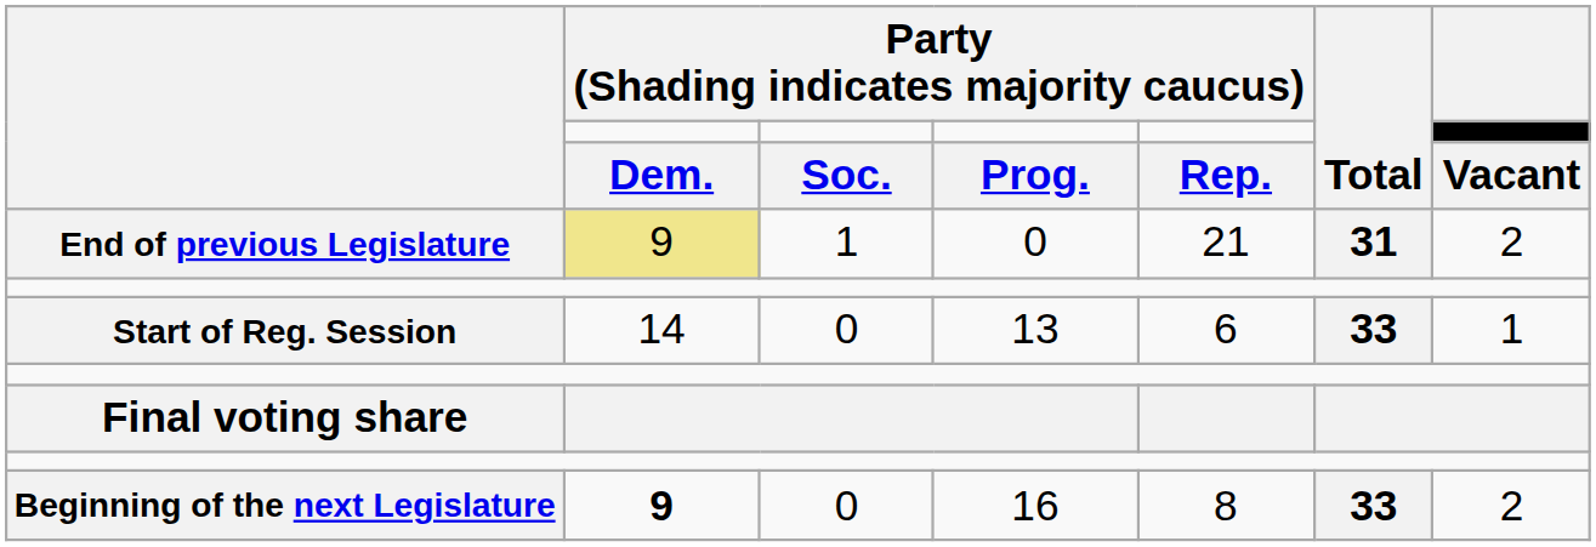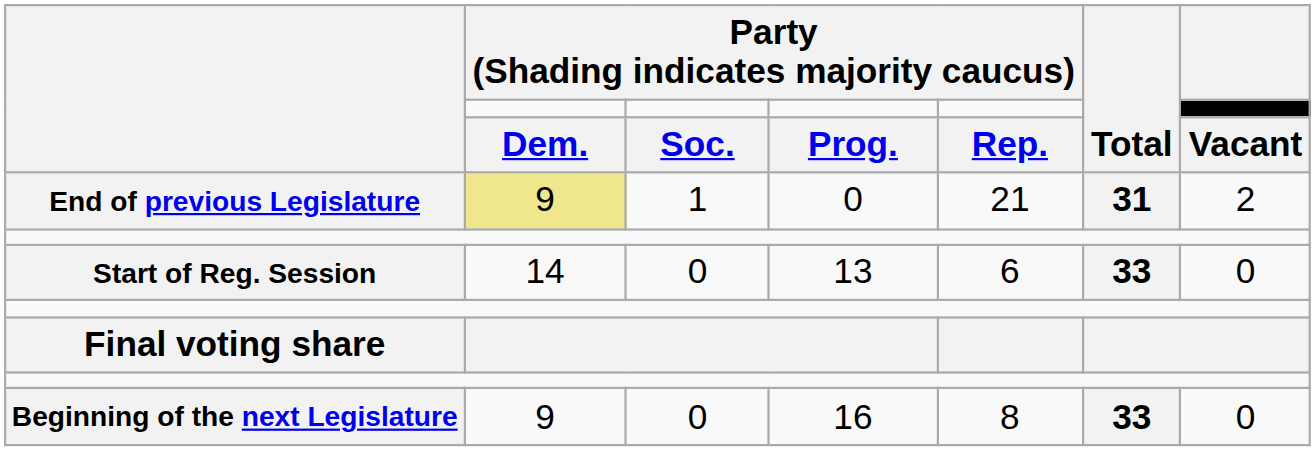 <table class=wikitable style="text-align:center">
 <tr style="vertical-align:bottom;">
 <th rowspan=3></th>
 <th colspan=4>Party <div>(Shading indicates majority caucus)</div></th>
 <th rowspan=3>Total</th>
 <th></th>
 </tr>
 <tr style="height:5px">
 <td style="background-color:"></td>
 <td style="background-color:"></td>
 <td style="background-color:"></td>
 <td style="background-color:"></td>
 <td style="background:black;"></td>
 </tr>
 <tr>
 <th><a href='#'>Dem.</a></th>
 <th><a href='#'>Soc.</a></th>
 <th><a href='#'>Prog.</a></th>
 <th><a href='#'>Rep.</a></th>
 <th>Vacant</th>
 </tr>
 <tr>
 <th style="font-size:80%;">End of <a href='#'>previous Legislature</a></th>
 <td style="background: khaki;">9</td>
 <td>1</td>
 <td>0</td>
 <td>21</td>
 <th>31</th>
 <td>2</td>
 </tr>
 <tr>
 <td colspan=7></td>
 </tr>
 <tr>
 <th style="font-size:80%;">Start of Reg. Session</th>
 <td>14</td>
 <td>0</td>
 <td>13</td>
 <td>6</td>
 <th>33</th>
-<td>1</td>
+<td>0</td>
 </tr>
 <tr>
 <td colspan=7></td>
 </tr>
 <tr>
 <th>Final voting share</th>
 <th colspan=3 ></th>
 <th></th>
 <th colspan=2></th>
 </tr>
 <tr>
 <td colspan=7></td>
 </tr>
 <tr>
 <th style="font-size:80%;">Beginning of the <a href='#'>next Legislature</a></th>
-<td><strong>9</strong></td>
+<td>9</td>
 <td>0</td>
 <td>16</td>
 <td>8</td>
 <th>33</th>
-<td>2</td>
+<td>0</td>
 </tr>
 </table>
